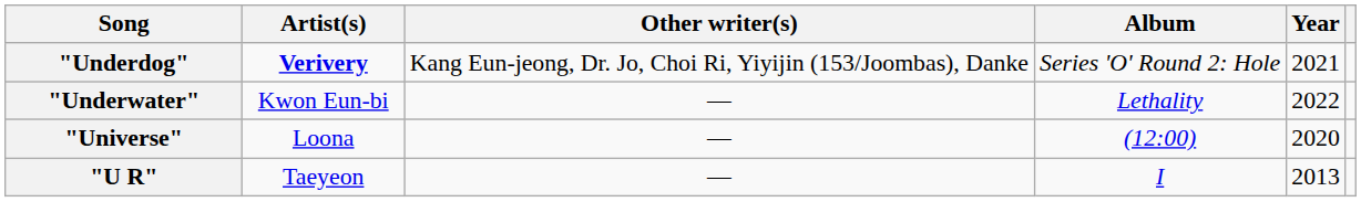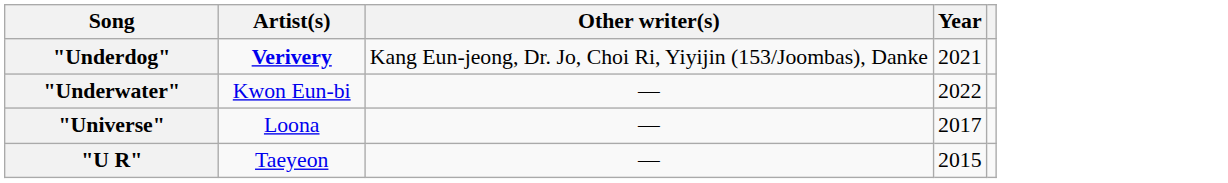 <table class="wikitable sortable plainrowheaders" style="text-align:center;">
 <tr>
 <th scope="col" width="150">Song</th>
 <th scope="col" width="100">Artist(s)</th>
 <th scope="col" class="unsortable">Other writer(s)</th>
-<th scope="col" data-sort-type="text">Album</th>
 <th scope="col">Year</th>
 <th scope="col" class="unsortable"></th>
 </tr>
 <tr>
 <th scope="row">"Underdog"</th>
 <td><strong><a href='#'>Verivery</a></strong></td>
 <td>Kang Eun-jeong, Dr. Jo, Choi Ri, Yiyijin (153/Joombas), Danke</td>
-<td><em>Series 'O' Round 2: Hole</em></td>
 <td>2021</td>
 <td style="text-align:center;"></td>
 </tr>
 <tr>
 <th scope="row">"Underwater"</th>
 <td><a href='#'>Kwon Eun-bi</a></td>
 <td>—</td>
-<td><em><a href='#'>Lethality</a></em></td>
 <td>2022</td>
 <td style="text-align:center;"></td>
 </tr>
 <tr>
 <th scope="row">"Universe"</th>
 <td><a href='#'>Loona</a></td>
 <td>—</td>
-<td><em><a href='#'>(12:00)</a></em></td>
-<td>2020</td>
+<td>2017</td>
 <td style="text-align:center;"></td>
 </tr>
 <tr>
 <th scope="row">"U R"</th>
 <td><a href='#'>Taeyeon</a></td>
 <td>—</td>
-<td><em><a href='#'>I</a></em></td>
-<td>2013</td>
+<td>2015</td>
 <td style="text-align:center;"></td>
 </tr>
 </table>
